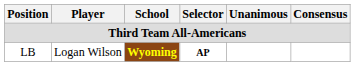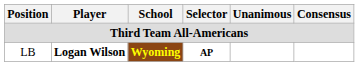 <table class="wikitable">
 <tr>
 <th>Position</th>
 <th>Player</th>
 <th>School</th>
 <th>Selector</th>
 <th>Unanimous</th>
 <th>Consensus</th>
 </tr>
 <tr>
 <td colspan="6" style="text-align:center; background:#ddd;"><strong>Third Team All-Americans</strong></td>
 </tr>
 <tr style="text-align:center;">
 <td style="background:white">LB</td>
-<td style="background:white">Logan Wilson</td>
+<td style="background:white"><strong>Logan Wilson</strong></td>
 <th style="background:#8B4513; color:#FFFF00;">Wyoming</th>
 <td style="background:white"><small><strong>AP</strong></small></td>
 <td style="background:white"></td>
 <td style="background:white"></td>
 </tr>
 </table>
